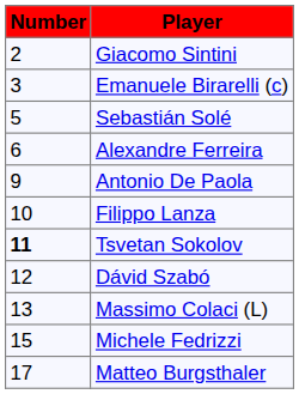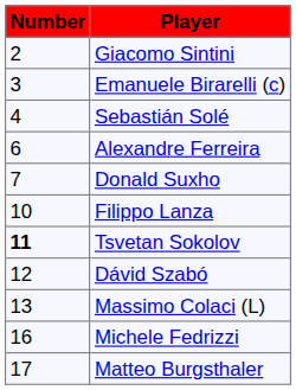 <table bgcolor="#f7f8ff" cellpadding="3" cellspacing="0" border="1" style="font-size: 95%; border: gray solid 1px; border-collapse: collapse;">
 <tr bgcolor="#ff0000">
 <td align=center><strong>Number</strong></td>
 <td align=center><strong>Player</strong></td>
 </tr>
 <tr align=left>
 <td>2</td>
 <td> <a href='#'>Giacomo Sintini</a></td>
 </tr>
 <tr align="left">
 <td>3</td>
 <td> <a href='#'>Emanuele Birarelli</a> (<a href='#'>c</a>)</td>
 </tr>
 <tr align="left">
-<td>5</td>
+<td>4</td>
 <td> <a href='#'>Sebastián Solé</a></td>
 </tr>
 <tr align="left">
 <td>6</td>
 <td> <a href='#'>Alexandre Ferreira</a></td>
 </tr>
 <tr align="left">
-<td>9</td>
-<td> <a href='#'>Antonio De Paola</a></td>
+<td>7</td>
+<td> <a href='#'>Donald Suxho</a></td>
 </tr>
 <tr align="left">
 <td>10</td>
 <td> <a href='#'>Filippo Lanza</a></td>
 </tr>
 <tr align="left">
 <td><strong>11</strong></td>
 <td> <a href='#'>Tsvetan Sokolov</a></td>
 </tr>
 <tr align="left">
 <td>12</td>
 <td> <a href='#'>Dávid Szabó</a></td>
 </tr>
 <tr align="left">
 <td>13</td>
 <td> <a href='#'>Massimo Colaci</a> (L)</td>
 </tr>
 <tr align="left">
-<td>15</td>
+<td>16</td>
 <td> <a href='#'>Michele Fedrizzi</a></td>
 </tr>
 <tr align="left">
 <td>17</td>
 <td> <a href='#'>Matteo Burgsthaler</a></td>
 </tr>
 </table>
